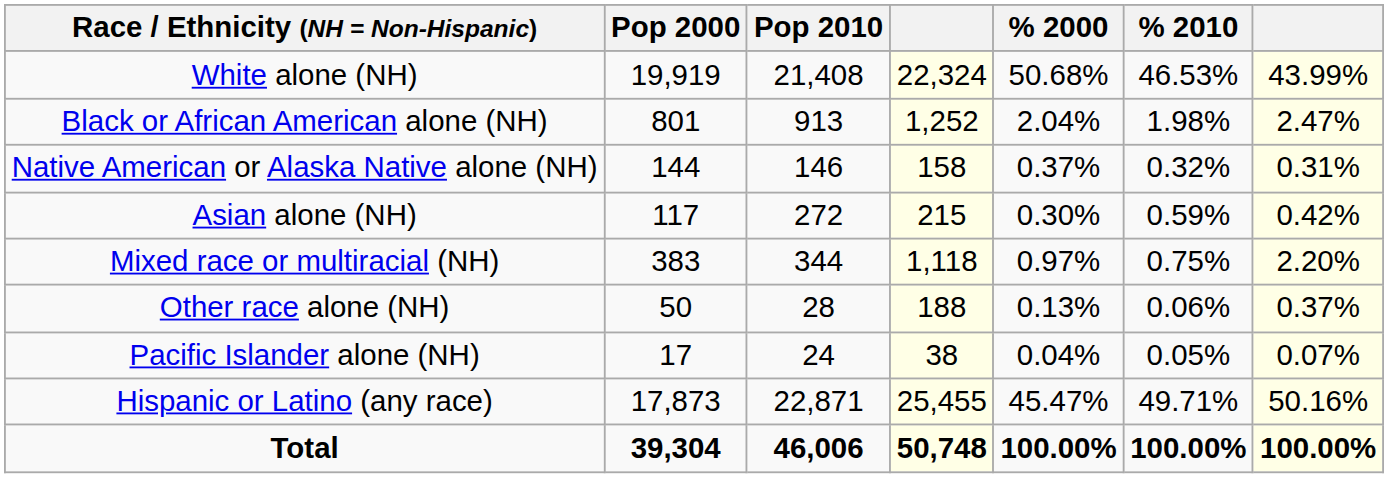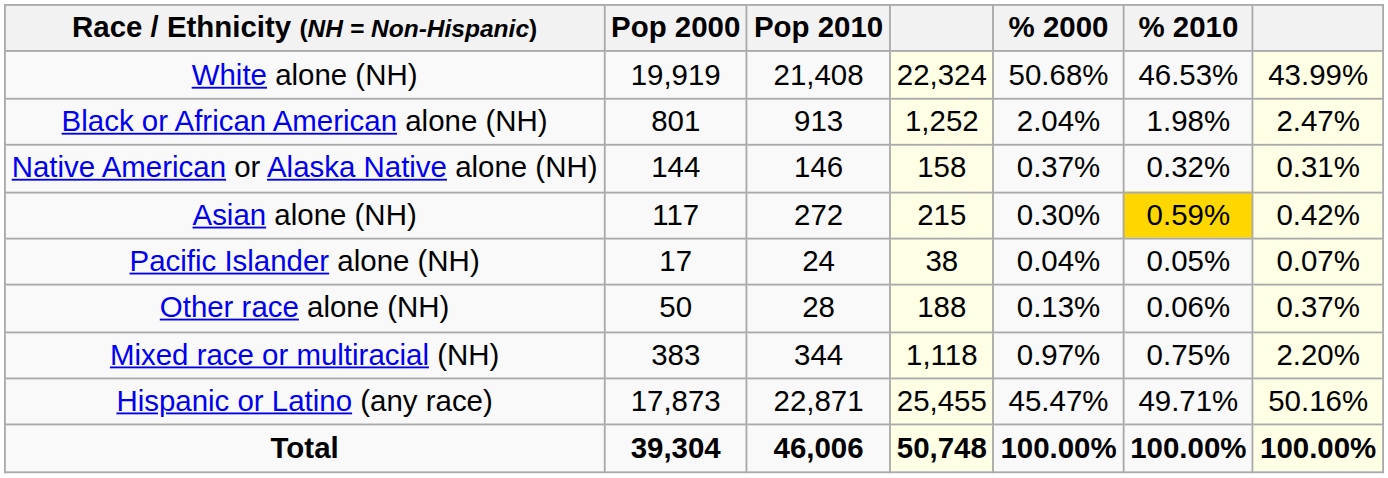 <table class="wikitable" style="text-align:center;">
 <tr>
 <th>Race / Ethnicity <small>(<em>NH = Non-Hispanic</em>)</small></th>
 <th>Pop 2000</th>
 <th>Pop 2010</th>
 <th></th>
 <th>% 2000</th>
 <th>% 2010</th>
 <th></th>
 </tr>
 <tr>
 <td><a href='#'>White</a> alone (NH)</td>
 <td>19,919</td>
 <td>21,408</td>
 <td style='background: #ffffe6;'>22,324</td>
 <td>50.68%</td>
 <td>46.53%</td>
 <td style='background: #ffffe6;'>43.99%</td>
 </tr>
 <tr>
 <td><a href='#'>Black or African American</a> alone (NH)</td>
 <td>801</td>
 <td>913</td>
 <td style='background: #ffffe6;'>1,252</td>
 <td>2.04%</td>
 <td>1.98%</td>
 <td style='background: #ffffe6;'>2.47%</td>
 </tr>
 <tr>
 <td><a href='#'>Native American</a> or <a href='#'>Alaska Native</a> alone (NH)</td>
 <td>144</td>
 <td>146</td>
 <td style='background: #ffffe6;'>158</td>
 <td>0.37%</td>
 <td>0.32%</td>
 <td style='background: #ffffe6;'>0.31%</td>
 </tr>
 <tr>
 <td><a href='#'>Asian</a> alone (NH)</td>
 <td>117</td>
 <td>272</td>
 <td style='background: #ffffe6;'>215</td>
 <td>0.30%</td>
-<td>0.59%</td>
+<td style="background: gold;">0.59%</td>
 <td style='background: #ffffe6;'>0.42%</td>
 </tr>
 <tr>
-<td><a href='#'>Mixed race or multiracial</a> (NH)</td>
-<td>383</td>
-<td>344</td>
-<td style='background: #ffffe6;'>1,118</td>
-<td>0.97%</td>
-<td>0.75%</td>
-<td style='background: #ffffe6;'>2.20%</td>
+<td><a href='#'>Pacific Islander</a> alone (NH)</td>
+<td>17</td>
+<td>24</td>
+<td style='background: #ffffe6;'>38</td>
+<td>0.04%</td>
+<td>0.05%</td>
+<td style='background: #ffffe6;'>0.07%</td>
 </tr>
 <tr>
 <td><a href='#'>Other race</a> alone (NH)</td>
 <td>50</td>
 <td>28</td>
 <td style='background: #ffffe6;'>188</td>
 <td>0.13%</td>
 <td>0.06%</td>
 <td style='background: #ffffe6;'>0.37%</td>
 </tr>
 <tr>
-<td><a href='#'>Pacific Islander</a> alone (NH)</td>
-<td>17</td>
-<td>24</td>
-<td style='background: #ffffe6;'>38</td>
-<td>0.04%</td>
-<td>0.05%</td>
-<td style='background: #ffffe6;'>0.07%</td>
+<td><a href='#'>Mixed race or multiracial</a> (NH)</td>
+<td>383</td>
+<td>344</td>
+<td style='background: #ffffe6;'>1,118</td>
+<td>0.97%</td>
+<td>0.75%</td>
+<td style='background: #ffffe6;'>2.20%</td>
 </tr>
 <tr>
 <td><a href='#'>Hispanic or Latino</a> (any race)</td>
 <td>17,873</td>
 <td>22,871</td>
 <td style='background: #ffffe6;'>25,455</td>
 <td>45.47%</td>
 <td>49.71%</td>
 <td style='background: #ffffe6;'>50.16%</td>
 </tr>
 <tr>
 <td><strong>Total</strong></td>
 <td><strong>39,304</strong></td>
 <td><strong>46,006</strong></td>
 <td style='background: #ffffe6;'><strong>50,748</strong></td>
 <td><strong>100.00%</strong></td>
 <td><strong>100.00%</strong></td>
 <td style='background: #ffffe6;'><strong>100.00%</strong></td>
 </tr>
 </table>
